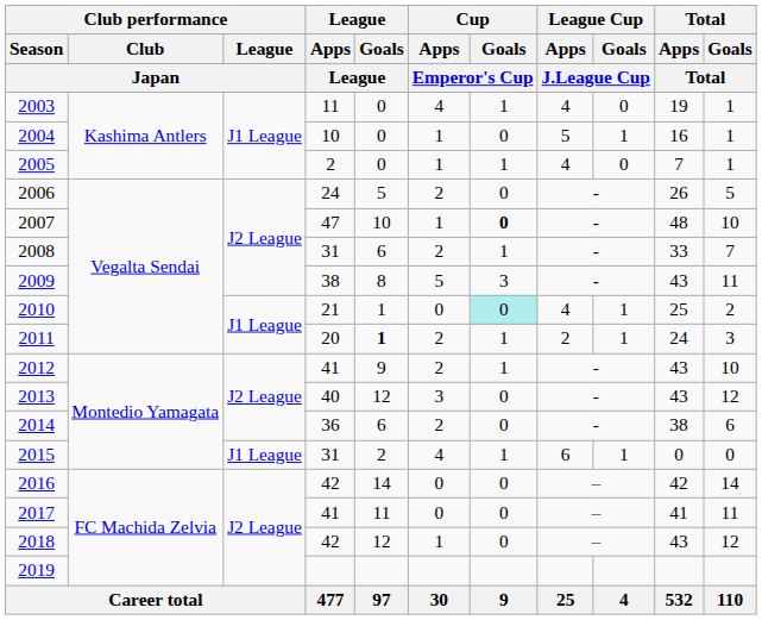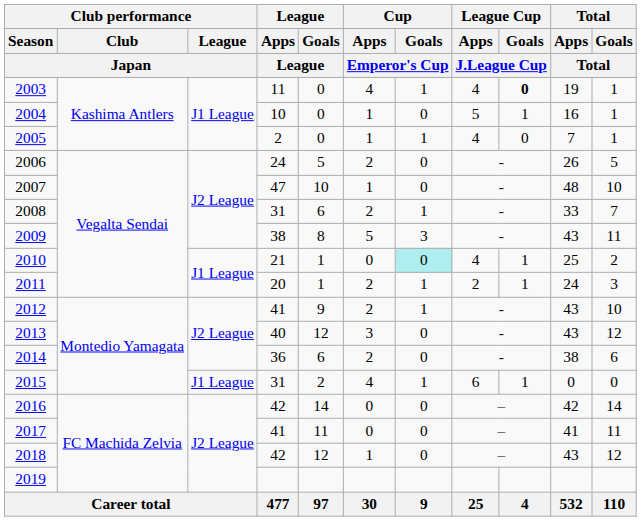 <table class="wikitable" style="text-align:center">
 <tr>
 <th colspan=3>Club performance</th>
 <th colspan=2>League</th>
 <th colspan=2>Cup</th>
 <th colspan=2>League Cup</th>
 <th colspan=2>Total</th>
 </tr>
 <tr>
 <th>Season</th>
 <th>Club</th>
 <th>League</th>
 <th>Apps</th>
 <th>Goals</th>
 <th>Apps</th>
 <th>Goals</th>
 <th>Apps</th>
 <th>Goals</th>
 <th>Apps</th>
 <th>Goals</th>
 </tr>
 <tr>
 <th colspan=3>Japan</th>
 <th colspan=2>League</th>
 <th colspan=2><a href='#'>Emperor's Cup</a></th>
 <th colspan=2><a href='#'>J.League Cup</a></th>
 <th colspan=2>Total</th>
 </tr>
 <tr>
 <td><a href='#'>2003</a></td>
 <td rowspan="3"><a href='#'>Kashima Antlers</a></td>
 <td rowspan="3"><a href='#'>J1 League</a></td>
 <td>11</td>
 <td>0</td>
 <td>4</td>
 <td>1</td>
 <td>4</td>
-<td>0</td>
+<td><strong>0</strong></td>
 <td>19</td>
 <td>1</td>
 </tr>
 <tr>
 <td><a href='#'>2004</a></td>
 <td>10</td>
 <td>0</td>
 <td>1</td>
 <td>0</td>
 <td>5</td>
 <td>1</td>
 <td>16</td>
 <td>1</td>
 </tr>
 <tr>
 <td><a href='#'>2005</a></td>
 <td>2</td>
 <td>0</td>
 <td>1</td>
 <td>1</td>
 <td>4</td>
 <td>0</td>
 <td>7</td>
 <td>1</td>
 </tr>
 <tr>
 <td>2006</td>
 <td rowspan="6"><a href='#'>Vegalta Sendai</a></td>
 <td rowspan="4"><a href='#'>J2 League</a></td>
 <td>24</td>
 <td>5</td>
 <td>2</td>
 <td>0</td>
 <td colspan="2">-</td>
 <td>26</td>
 <td>5</td>
 </tr>
 <tr>
 <td>2007</td>
 <td>47</td>
 <td>10</td>
 <td>1</td>
-<td><strong>0</strong></td>
+<td>0</td>
 <td colspan="2">-</td>
 <td>48</td>
 <td>10</td>
 </tr>
 <tr>
 <td>2008</td>
 <td>31</td>
 <td>6</td>
 <td>2</td>
 <td>1</td>
 <td colspan="2">-</td>
 <td>33</td>
 <td>7</td>
 </tr>
 <tr>
 <td><a href='#'>2009</a></td>
 <td>38</td>
 <td>8</td>
 <td>5</td>
 <td>3</td>
 <td colspan="2">-</td>
 <td>43</td>
 <td>11</td>
 </tr>
 <tr>
 <td><a href='#'>2010</a></td>
 <td rowspan="2"><a href='#'>J1 League</a></td>
 <td>21</td>
 <td>1</td>
 <td>0</td>
 <td style="background: paleturquoise;">0</td>
 <td>4</td>
 <td>1</td>
 <td>25</td>
 <td>2</td>
 </tr>
 <tr>
 <td><a href='#'>2011</a></td>
 <td>20</td>
-<td><strong>1</strong></td>
+<td>1</td>
 <td>2</td>
 <td>1</td>
 <td>2</td>
 <td>1</td>
 <td>24</td>
 <td>3</td>
 </tr>
 <tr>
 <td><a href='#'>2012</a></td>
 <td rowspan="4"><a href='#'>Montedio Yamagata</a></td>
 <td rowspan="3"><a href='#'>J2 League</a></td>
 <td>41</td>
 <td>9</td>
 <td>2</td>
 <td>1</td>
 <td colspan="2">-</td>
 <td>43</td>
 <td>10</td>
 </tr>
 <tr>
 <td><a href='#'>2013</a></td>
 <td>40</td>
 <td>12</td>
 <td>3</td>
 <td>0</td>
 <td colspan="2">-</td>
 <td>43</td>
 <td>12</td>
 </tr>
 <tr>
 <td><a href='#'>2014</a></td>
 <td>36</td>
 <td>6</td>
 <td>2</td>
 <td>0</td>
 <td colspan="2">-</td>
 <td>38</td>
 <td>6</td>
 </tr>
 <tr>
 <td><a href='#'>2015</a></td>
 <td><a href='#'>J1 League</a></td>
 <td>31</td>
 <td>2</td>
 <td>4</td>
 <td>1</td>
 <td>6</td>
 <td>1</td>
 <td>0</td>
 <td>0</td>
 </tr>
 <tr>
 <td><a href='#'>2016</a></td>
 <td rowspan="4"><a href='#'>FC Machida Zelvia</a></td>
 <td rowspan="4"><a href='#'>J2 League</a></td>
 <td>42</td>
 <td>14</td>
 <td>0</td>
 <td>0</td>
 <td colspan="2">–</td>
 <td>42</td>
 <td>14</td>
 </tr>
 <tr>
 <td><a href='#'>2017</a></td>
 <td>41</td>
 <td>11</td>
 <td>0</td>
 <td>0</td>
 <td colspan="2">–</td>
 <td>41</td>
 <td>11</td>
 </tr>
 <tr>
 <td><a href='#'>2018</a></td>
 <td>42</td>
 <td>12</td>
 <td>1</td>
 <td>0</td>
 <td colspan="2">–</td>
 <td>43</td>
 <td>12</td>
 </tr>
 <tr>
 <td><a href='#'>2019</a></td>
 <td></td>
 <td></td>
 <td></td>
 <td></td>
 <td></td>
 <td></td>
 <td></td>
 <td></td>
 </tr>
 <tr>
 <th colspan=3>Career total</th>
 <th>477</th>
 <th>97</th>
 <th>30</th>
 <th>9</th>
 <th>25</th>
 <th>4</th>
 <th>532</th>
 <th>110</th>
 </tr>
 </table>
